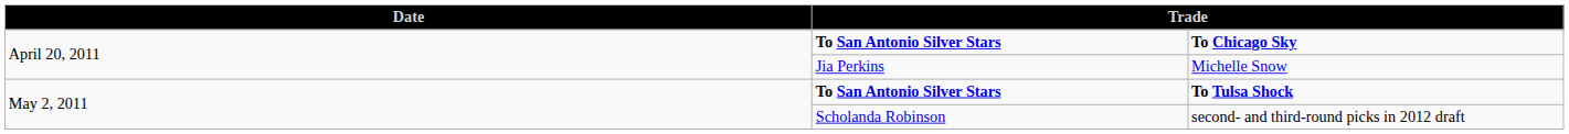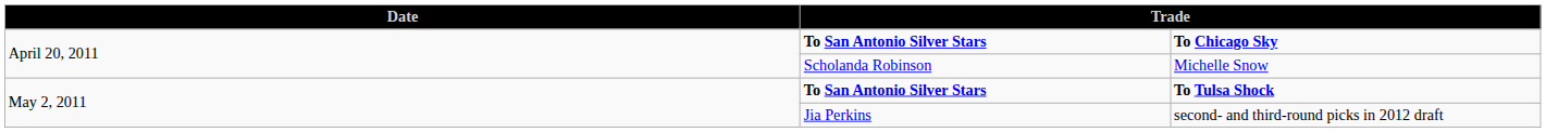 <table class="wikitable" style="width:80%">
 <tr>
 <th style="background:#000000;color:#D3D3D3; width=125">Date</th>
 <th style="background:#000000;color:#D3D3D3;" colspan=2>Trade</th>
 </tr>
 <tr>
 <td rowspan=2>April 20, 2011</td>
 <td width=375><strong>To <a href='#'>San Antonio Silver Stars</a></strong></td>
 <td width=375><strong>To <a href='#'>Chicago Sky</a></strong></td>
 </tr>
 <tr>
-<td><a href='#'>Jia Perkins</a></td>
+<td><a href='#'>Scholanda Robinson</a></td>
 <td><a href='#'>Michelle Snow</a></td>
 </tr>
 <tr>
 <td rowspan=2>May 2, 2011</td>
 <td width=375><strong>To <a href='#'>San Antonio Silver Stars</a></strong></td>
 <td width=375><strong>To <a href='#'>Tulsa Shock</a></strong></td>
 </tr>
 <tr>
-<td><a href='#'>Scholanda Robinson</a></td>
+<td><a href='#'>Jia Perkins</a></td>
 <td>second- and third-round picks in 2012 draft</td>
 </tr>
 </table>
